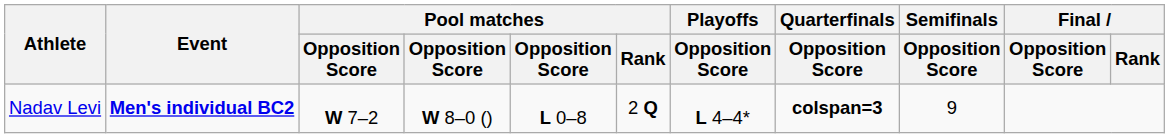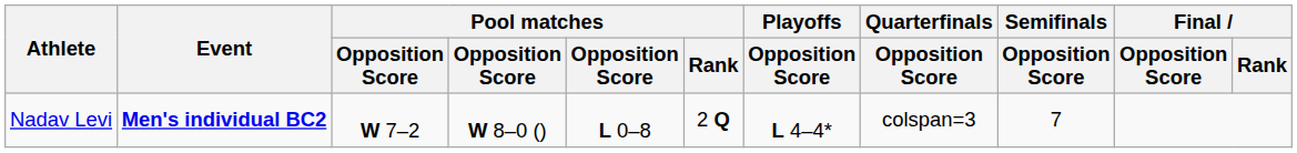 <table class=wikitable style="font-size:90%">
 <tr>
 <th rowspan="2">Athlete</th>
 <th rowspan="2">Event</th>
 <th colspan="4">Pool matches</th>
 <th>Playoffs</th>
 <th>Quarterfinals</th>
 <th>Semifinals</th>
 <th colspan=2>Final / </th>
 </tr>
 <tr>
 <th>Opposition<br>Score</th>
 <th>Opposition<br>Score</th>
 <th>Opposition<br>Score</th>
 <th>Rank</th>
 <th>Opposition<br>Score</th>
 <th>Opposition<br>Score</th>
 <th>Opposition<br>Score</th>
 <th>Opposition<br>Score</th>
 <th>Rank</th>
 </tr>
 <tr align=center>
 <td align=left><a href='#'>Nadav Levi</a></td>
 <td align=left><strong><a href='#'>Men's individual BC2</a></strong></td>
 <td><br><strong>W</strong> 7–2</td>
 <td><br><strong>W</strong> 8–0 ()</td>
 <td><br><strong>L</strong> 0–8</td>
 <td>2 <strong>Q</strong></td>
 <td><br><strong>L</strong> 4–4*</td>
-<td><strong>colspan=3 </strong></td>
-<td>9</td>
+<td>colspan=3 </td>
+<td>7</td>
 </tr>
 </table>
